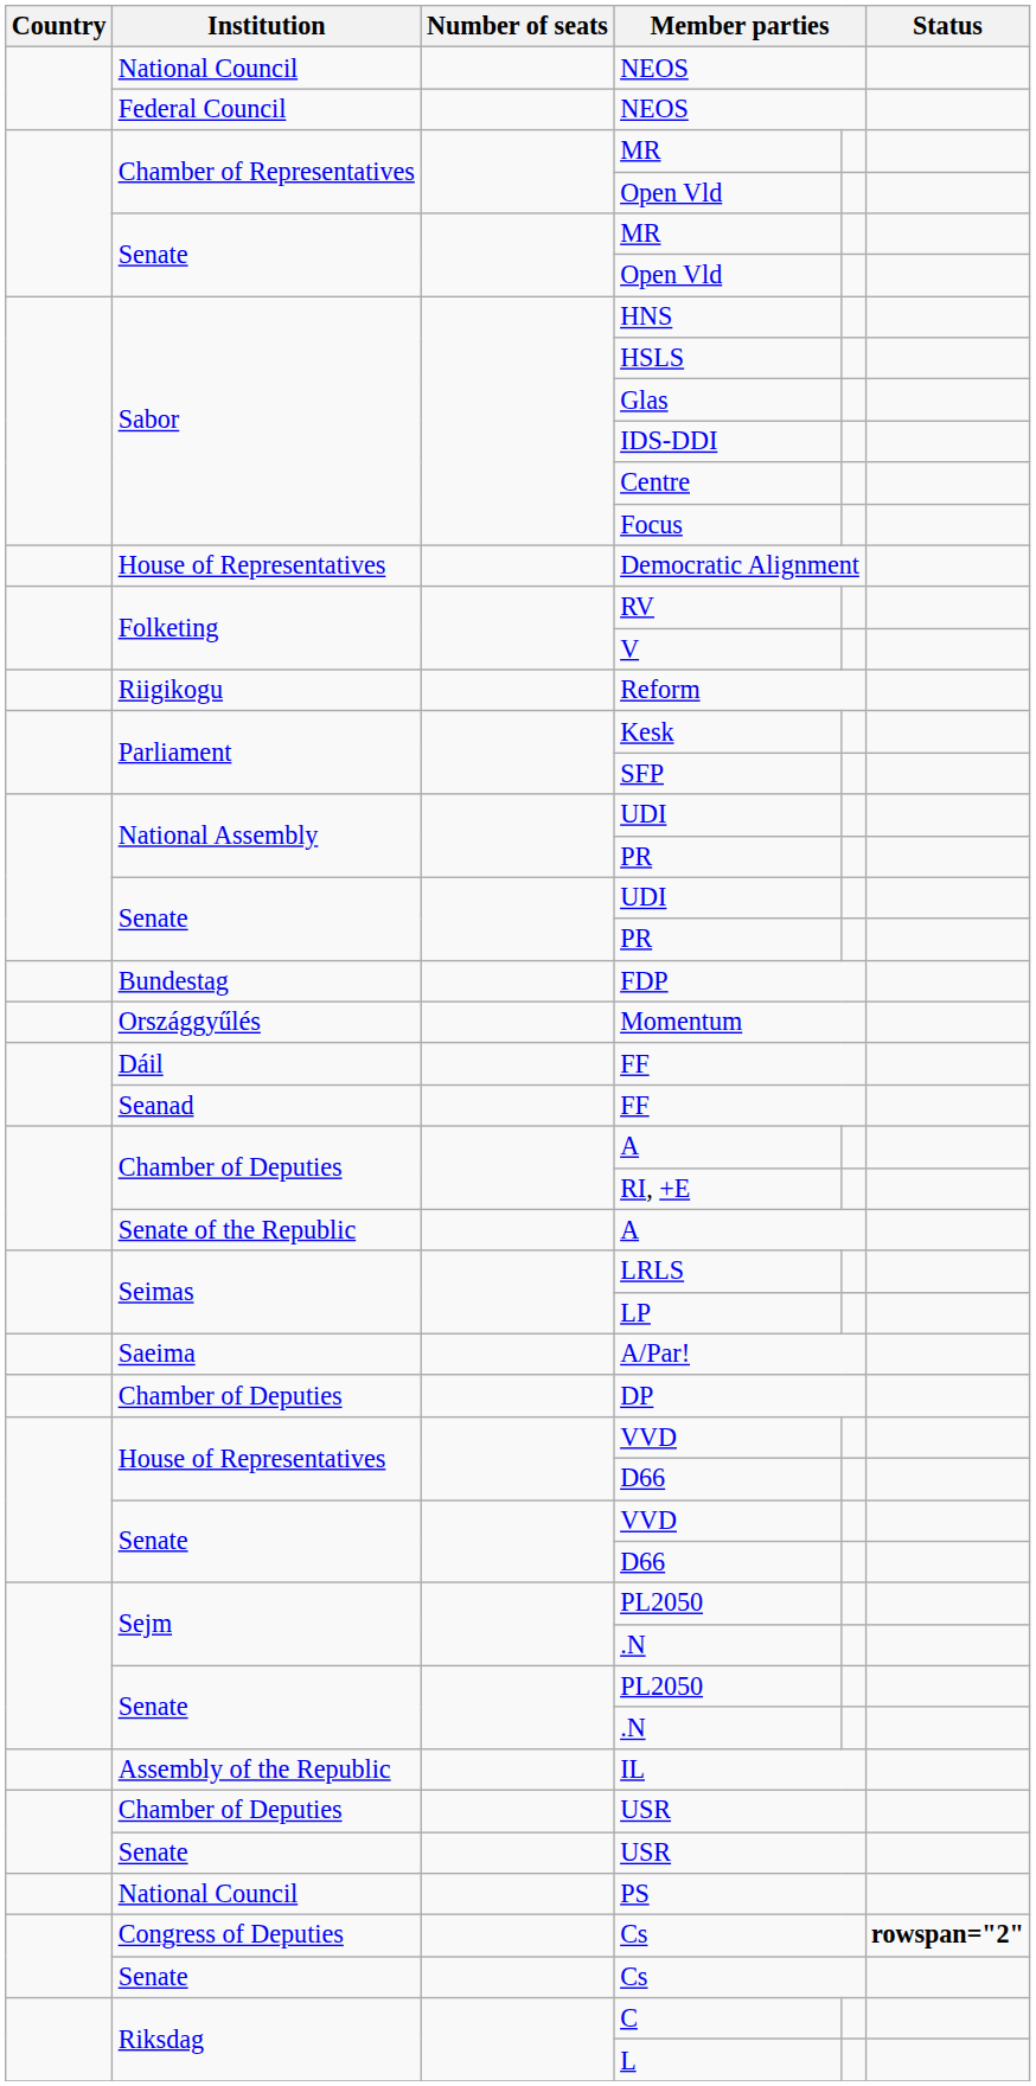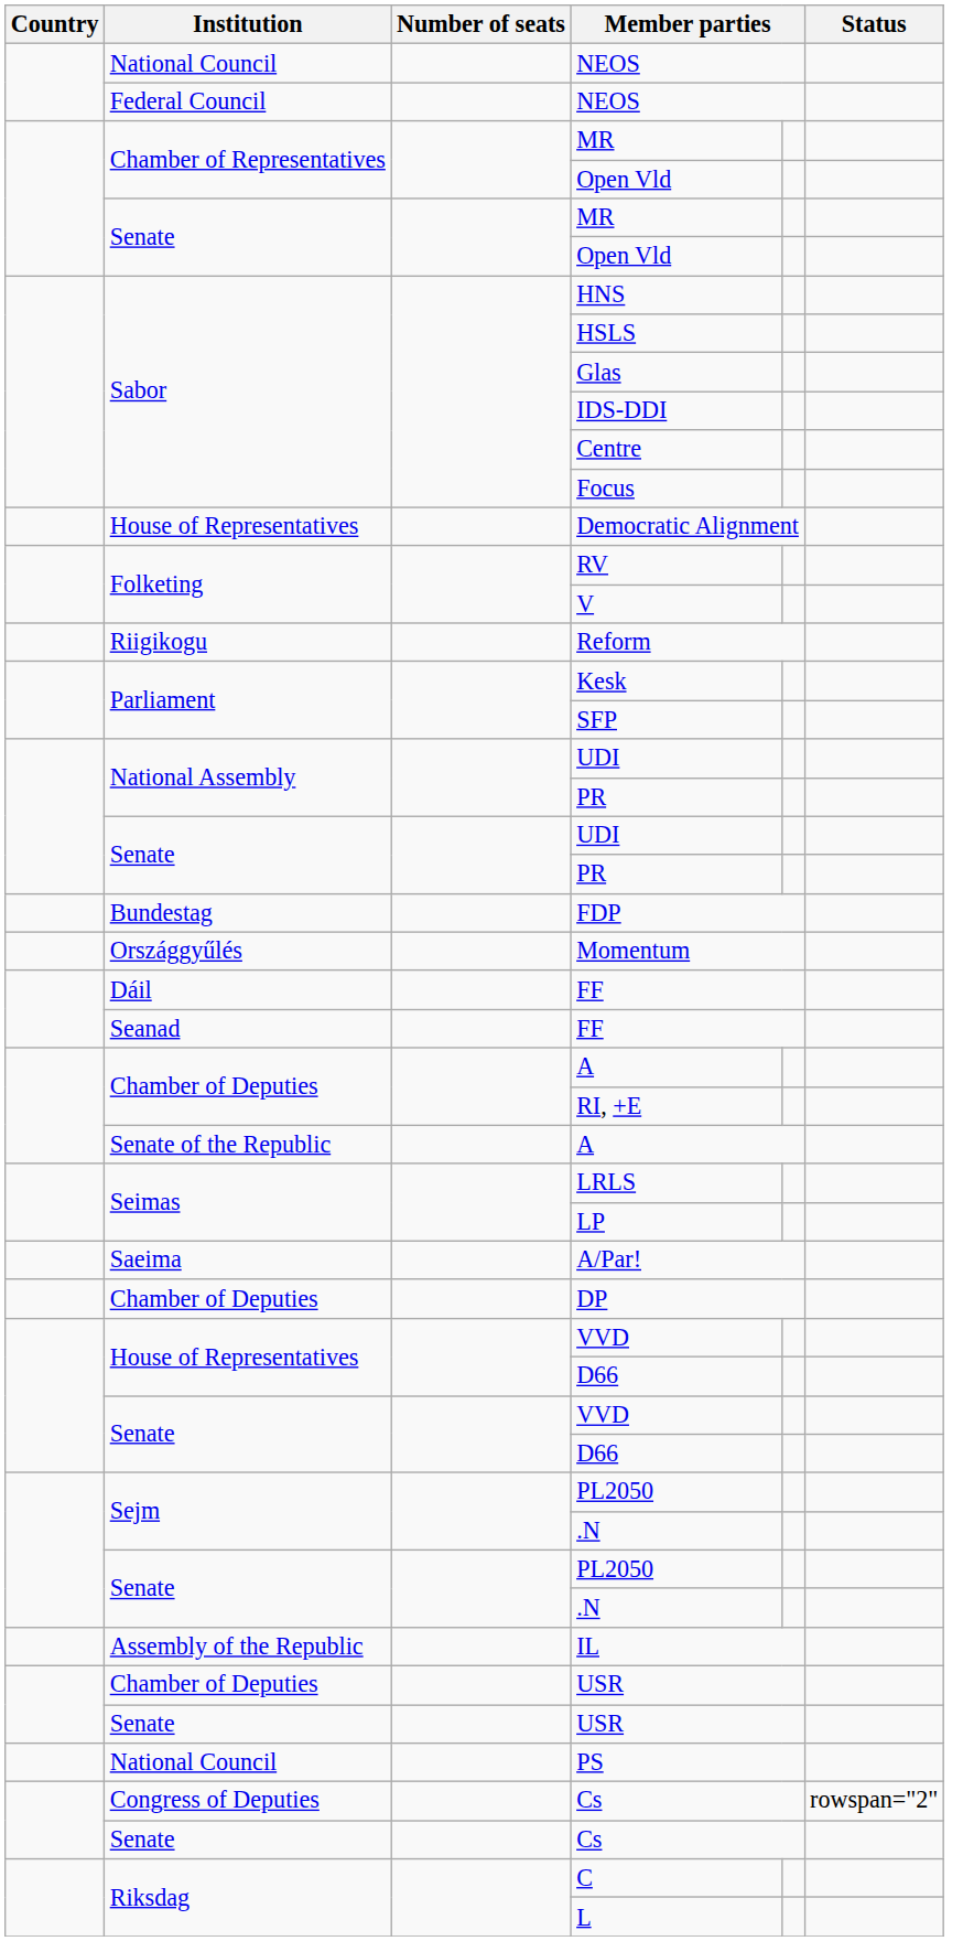 <table class="wikitable sortable">
 <tr>
 <th>Country</th>
 <th>Institution</th>
 <th>Number of seats</th>
 <th colspan="2">Member parties</th>
 <th>Status</th>
 </tr>
 <tr>
 <td rowspan="2"></td>
 <td><a href='#'>National Council</a><br></td>
 <td></td>
 <td colspan="2"><a href='#'>NEOS</a></td>
 <td></td>
 </tr>
 <tr>
 <td><a href='#'>Federal Council</a><br></td>
 <td></td>
 <td colspan="2"><a href='#'>NEOS</a></td>
 <td></td>
 </tr>
 <tr>
 <td rowspan="4"></td>
 <td rowspan="2"><a href='#'>Chamber of Representatives</a><br></td>
 <td rowspan="2"></td>
 <td><a href='#'>MR</a></td>
 <td></td>
 <td></td>
 </tr>
 <tr>
 <td><a href='#'>Open Vld</a></td>
 <td></td>
 <td></td>
 </tr>
 <tr>
 <td rowspan="2"><a href='#'>Senate</a><br></td>
 <td rowspan="2"></td>
 <td><a href='#'>MR</a></td>
 <td></td>
 <td></td>
 </tr>
 <tr>
 <td><a href='#'>Open Vld</a></td>
 <td></td>
 <td></td>
 </tr>
 <tr>
 <td rowspan="6"></td>
 <td rowspan="6"><a href='#'>Sabor</a></td>
 <td rowspan="6"></td>
 <td><a href='#'>HNS</a></td>
 <td></td>
 <td></td>
 </tr>
 <tr>
 <td><a href='#'>HSLS</a></td>
 <td></td>
 <td></td>
 </tr>
 <tr>
 <td><a href='#'>Glas</a></td>
 <td></td>
 <td></td>
 </tr>
 <tr>
 <td><a href='#'>IDS-DDI</a></td>
 <td></td>
 <td></td>
 </tr>
 <tr>
 <td><a href='#'>Centre</a></td>
 <td></td>
 <td></td>
 </tr>
 <tr>
 <td><a href='#'>Focus</a></td>
 <td></td>
 <td></td>
 </tr>
 <tr>
 <td></td>
 <td><a href='#'>House of Representatives</a></td>
 <td></td>
 <td colspan="2"><a href='#'>Democratic Alignment</a></td>
 <td></td>
 </tr>
 <tr>
 <td rowspan="2"></td>
 <td rowspan="2"><a href='#'>Folketing</a></td>
 <td rowspan="2"></td>
 <td><a href='#'>RV</a></td>
 <td></td>
 <td></td>
 </tr>
 <tr>
 <td><a href='#'>V</a></td>
 <td></td>
 <td></td>
 </tr>
 <tr>
 <td></td>
 <td><a href='#'>Riigikogu</a></td>
 <td></td>
 <td colspan="2"><a href='#'>Reform</a></td>
 <td></td>
 </tr>
 <tr>
 <td rowspan="2"></td>
 <td rowspan="2"><a href='#'>Parliament</a></td>
 <td rowspan="2"></td>
 <td><a href='#'>Kesk</a></td>
 <td></td>
 <td></td>
 </tr>
 <tr>
 <td><a href='#'>SFP</a></td>
 <td></td>
 <td></td>
 </tr>
 <tr>
 <td rowspan="4"></td>
 <td rowspan="2"><a href='#'>National Assembly</a><br></td>
 <td rowspan="2"></td>
 <td><a href='#'>UDI</a></td>
 <td></td>
 <td></td>
 </tr>
 <tr>
 <td><a href='#'>PR</a></td>
 <td></td>
 <td></td>
 </tr>
 <tr>
 <td rowspan="2"><a href='#'>Senate</a><br></td>
 <td rowspan="2"></td>
 <td><a href='#'>UDI</a></td>
 <td></td>
 <td></td>
 </tr>
 <tr>
 <td><a href='#'>PR</a></td>
 <td></td>
 <td></td>
 </tr>
 <tr>
 <td></td>
 <td><a href='#'>Bundestag</a></td>
 <td></td>
 <td colspan="2"><a href='#'>FDP</a></td>
 <td></td>
 </tr>
 <tr>
 <td></td>
 <td><a href='#'>Országgyűlés</a></td>
 <td></td>
 <td colspan="2"><a href='#'>Momentum</a></td>
 <td></td>
 </tr>
 <tr>
 <td rowspan="2"></td>
 <td><a href='#'>Dáil</a><br></td>
 <td></td>
 <td colspan="2"><a href='#'>FF</a></td>
 <td></td>
 </tr>
 <tr>
 <td><a href='#'>Seanad</a><br></td>
 <td></td>
 <td colspan="2"><a href='#'>FF</a></td>
 <td></td>
 </tr>
 <tr>
 <td rowspan="3"></td>
 <td rowspan="2"><a href='#'>Chamber of Deputies</a><br></td>
 <td rowspan="2"></td>
 <td><a href='#'>A</a></td>
 <td></td>
 <td></td>
 </tr>
 <tr>
 <td><a href='#'>RI</a>, <a href='#'>+E</a></td>
 <td></td>
 <td></td>
 </tr>
 <tr>
 <td><a href='#'>Senate of the Republic</a><br></td>
 <td></td>
 <td colspan="2"><a href='#'>A</a></td>
 <td></td>
 </tr>
 <tr>
 <td rowspan="2"></td>
 <td rowspan="2"><a href='#'>Seimas</a></td>
 <td rowspan="2"></td>
 <td><a href='#'>LRLS</a></td>
 <td></td>
 <td></td>
 </tr>
 <tr>
 <td><a href='#'>LP</a></td>
 <td></td>
 <td></td>
 </tr>
 <tr>
 <td></td>
 <td><a href='#'>Saeima</a></td>
 <td></td>
 <td colspan="2"><a href='#'>A/Par!</a></td>
 <td></td>
 </tr>
 <tr>
 <td></td>
 <td><a href='#'>Chamber of Deputies</a></td>
 <td></td>
 <td colspan="2"><a href='#'>DP</a></td>
 <td></td>
 </tr>
 <tr>
 <td rowspan="4"></td>
 <td rowspan="2"><a href='#'>House of Representatives</a><br></td>
 <td rowspan="2"></td>
 <td><a href='#'>VVD</a></td>
 <td></td>
 <td></td>
 </tr>
 <tr>
 <td><a href='#'>D66</a></td>
 <td></td>
 <td></td>
 </tr>
 <tr>
 <td rowspan="2"><a href='#'>Senate</a><br></td>
 <td rowspan="2"></td>
 <td><a href='#'>VVD</a></td>
 <td></td>
 <td></td>
 </tr>
 <tr>
 <td><a href='#'>D66</a></td>
 <td></td>
 <td></td>
 </tr>
 <tr>
 <td rowspan="4"></td>
 <td rowspan="2"><a href='#'>Sejm</a><br></td>
 <td rowspan="2"></td>
 <td><a href='#'>PL2050</a></td>
 <td></td>
 <td></td>
 </tr>
 <tr>
 <td><a href='#'>.N</a></td>
 <td></td>
 <td></td>
 </tr>
 <tr>
 <td rowspan="2"><a href='#'>Senate</a><br></td>
 <td rowspan="2"></td>
 <td><a href='#'>PL2050</a></td>
 <td></td>
 <td></td>
 </tr>
 <tr>
 <td><a href='#'>.N</a></td>
 <td></td>
 <td></td>
 </tr>
 <tr>
 <td></td>
 <td><a href='#'>Assembly of the Republic</a></td>
 <td></td>
 <td colspan="2"><a href='#'>IL</a></td>
 <td></td>
 </tr>
 <tr>
 <td rowspan="2"></td>
 <td><a href='#'>Chamber of Deputies</a><br></td>
 <td></td>
 <td colspan="2"><a href='#'>USR</a></td>
 <td></td>
 </tr>
 <tr>
 <td><a href='#'>Senate</a><br></td>
 <td></td>
 <td colspan="2"><a href='#'>USR</a></td>
 <td></td>
 </tr>
 <tr>
 <td></td>
 <td><a href='#'>National Council</a></td>
 <td></td>
 <td colspan="2"><a href='#'>PS</a></td>
 <td></td>
 </tr>
 <tr>
 <td rowspan="2"></td>
 <td><a href='#'>Congress of Deputies</a><br></td>
 <td></td>
 <td colspan="2"><a href='#'>Cs</a></td>
-<td><strong>rowspan="2" </strong></td>
+<td>rowspan="2" </td>
 </tr>
 <tr>
 <td><a href='#'>Senate</a><br></td>
 <td></td>
 <td colspan="2"><a href='#'>Cs</a></td>
 </tr>
 <tr>
 <td rowspan="2"></td>
 <td rowspan="2"><a href='#'>Riksdag</a></td>
 <td rowspan="2"></td>
 <td><a href='#'>C</a></td>
 <td></td>
 <td></td>
 </tr>
 <tr>
 <td><a href='#'>L</a></td>
 <td></td>
 <td></td>
 </tr>
 </table>
